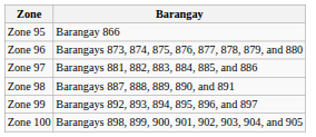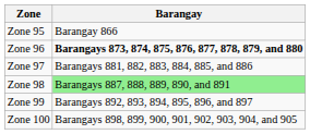 <table class="wikitable">
 <tr>
 <th>Zone</th>
 <th>Barangay</th>
 </tr>
 <tr>
 <td>Zone 95</td>
 <td>Barangay 866</td>
 </tr>
 <tr>
 <td>Zone 96</td>
-<td>Barangays 873, 874, 875, 876, 877, 878, 879, and 880</td>
+<td><strong>Barangays 873, 874, 875, 876, 877, 878, 879, and 880</strong></td>
 </tr>
 <tr>
 <td>Zone 97</td>
 <td>Barangays 881, 882, 883, 884, 885, and 886</td>
 </tr>
 <tr>
 <td>Zone 98</td>
-<td>Barangays 887, 888, 889, 890, and 891</td>
+<td style="background: lightgreen;">Barangays 887, 888, 889, 890, and 891</td>
 </tr>
 <tr>
 <td>Zone 99</td>
 <td>Barangays 892, 893, 894, 895, 896, and 897</td>
 </tr>
 <tr>
 <td>Zone 100</td>
 <td>Barangays 898, 899, 900, 901, 902, 903, 904, and 905</td>
 </tr>
 </table>
